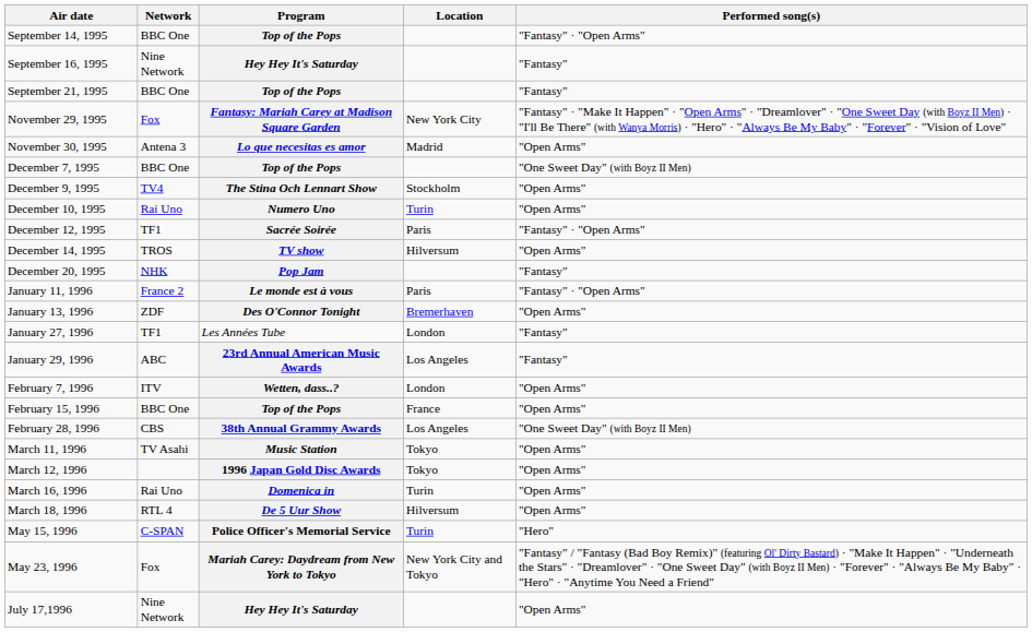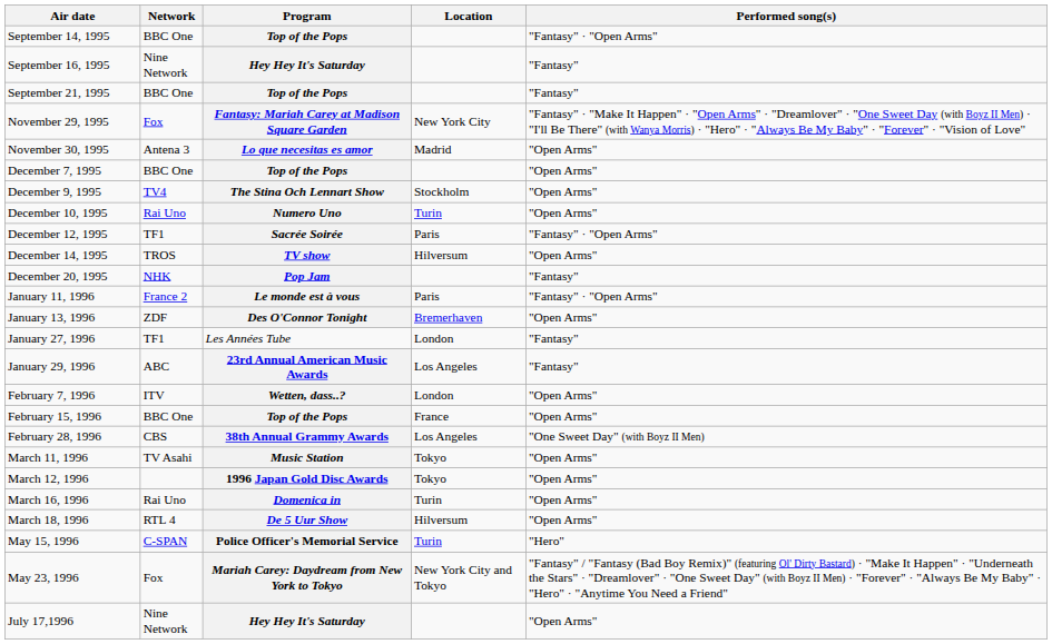 <table class="wikitable sortable plainrowheaders" style="font-size:95%;">
 <tr>
 <th style="width:13%;">Air date</th>
 <th style="width:6%;">Network</th>
 <th style="width:20%;">Program</th>
 <th style="width:11%;">Location</th>
 <th style="width:51%;">Performed song(s)</th>
 </tr>
 <tr>
 <td>September 14, 1995</td>
 <td>BBC One</td>
 <th scope="row"><em>Top of the Pops</em></th>
 <td></td>
 <td>"Fantasy" · "Open Arms"</td>
 </tr>
 <tr>
 <td>September 16, 1995</td>
 <td>Nine Network</td>
 <th scope="row"><em>Hey Hey It's Saturday</em></th>
 <td></td>
 <td>"Fantasy"</td>
 </tr>
 <tr>
 <td>September 21, 1995</td>
 <td>BBC One</td>
 <th scope="row"><em>Top of the Pops</em></th>
 <td></td>
 <td>"Fantasy"</td>
 </tr>
 <tr>
 <td>November 29, 1995</td>
 <td><a href='#'>Fox</a></td>
 <th scope="row"><em><a href='#'>Fantasy: Mariah Carey at Madison Square Garden</a></em></th>
 <td>New York City</td>
 <td>"Fantasy" · "Make It Happen" · "<a href='#'>Open Arms</a>" · "Dreamlover" · "<a href='#'>One Sweet Day</a> <small>(with <a href='#'>Boyz II Men</a>)</small> · "I'll Be There" <small>(with <a href='#'>Wanya Morris</a>)</small> · "Hero" · "<a href='#'>Always Be My Baby</a>" · "<a href='#'>Forever</a>" · "Vision of Love"</td>
 </tr>
 <tr>
 <td>November 30, 1995</td>
 <td>Antena 3</td>
 <th scope="row"><em><a href='#'>Lo que necesitas es amor</a></em></th>
 <td>Madrid</td>
 <td>"Open Arms"</td>
 </tr>
 <tr>
 <td>December 7, 1995</td>
 <td>BBC One</td>
 <th scope="row"><em>Top of the Pops</em></th>
 <td></td>
-<td>"One Sweet Day" <small>(with Boyz II Men)</small></td>
+<td>"Open Arms"</td>
 </tr>
 <tr>
 <td>December 9, 1995</td>
 <td><a href='#'>TV4</a></td>
 <th scope="row"><em>The Stina Och Lennart Show</em></th>
 <td>Stockholm</td>
 <td>"Open Arms"</td>
 </tr>
 <tr>
 <td>December 10, 1995</td>
 <td><a href='#'>Rai Uno</a></td>
 <th scope="row"><em>Numero Uno</em></th>
 <td><a href='#'>Turin</a></td>
 <td>"Open Arms"</td>
 </tr>
 <tr>
 <td>December 12, 1995</td>
 <td>TF1</td>
 <th scope="row"><em>Sacrée Soirée</em></th>
 <td>Paris</td>
 <td>"Fantasy" · "Open Arms"</td>
 </tr>
 <tr>
 <td>December 14, 1995</td>
 <td>TROS</td>
 <th scope="row"><em><a href='#'>TV show</a></em></th>
 <td>Hilversum</td>
 <td>"Open Arms"</td>
 </tr>
 <tr>
 <td>December 20, 1995</td>
 <td><a href='#'>NHK</a></td>
 <th scope="row"><em><a href='#'>Pop Jam</a></em></th>
 <td></td>
 <td>"Fantasy"</td>
 </tr>
 <tr>
 <td>January 11, 1996</td>
 <td><a href='#'>France 2</a></td>
 <th scope="row"><em>Le monde est à vous</em></th>
 <td>Paris</td>
 <td>"Fantasy" · "Open Arms"</td>
 </tr>
 <tr>
 <td>January 13, 1996</td>
 <td>ZDF</td>
 <th scope="row"><em>Des O'Connor Tonight</em></th>
 <td><a href='#'>Bremerhaven</a></td>
 <td>"Open Arms"</td>
 </tr>
 <tr>
 <td>January 27, 1996</td>
 <td>TF1</td>
 <td><em>Les Années Tube</em></td>
 <td>London</td>
 <td>"Fantasy"</td>
 </tr>
 <tr>
 <td>January 29, 1996</td>
 <td>ABC</td>
 <th scope="row"><a href='#'>23rd Annual American Music Awards</a></th>
 <td>Los Angeles</td>
 <td>"Fantasy"</td>
 </tr>
 <tr>
 <td>February 7, 1996</td>
 <td>ITV</td>
 <th scope="row"><em>Wetten, dass..?</em></th>
 <td>London</td>
 <td>"Open Arms"</td>
 </tr>
 <tr>
 <td>February 15, 1996</td>
 <td>BBC One</td>
 <th scope="row"><em>Top of the Pops</em></th>
 <td>France</td>
 <td>"Open Arms"</td>
 </tr>
 <tr>
 <td>February 28, 1996</td>
 <td>CBS</td>
 <th scope="row"><a href='#'>38th Annual Grammy Awards</a></th>
 <td>Los Angeles</td>
 <td>"One Sweet Day" <small>(with Boyz II Men)</small></td>
 </tr>
 <tr>
 <td>March 11, 1996</td>
 <td>TV Asahi</td>
 <th scope="row"><em>Music Station</em></th>
 <td>Tokyo</td>
 <td>"Open Arms"</td>
 </tr>
 <tr>
 <td>March 12, 1996</td>
 <td></td>
 <th scope="row">1996 <a href='#'>Japan Gold Disc Awards</a></th>
 <td>Tokyo</td>
 <td>"Open Arms"</td>
 </tr>
 <tr>
 <td>March 16, 1996</td>
 <td>Rai Uno</td>
 <th scope="row"><em><a href='#'>Domenica in</a></em></th>
 <td>Turin</td>
 <td>"Open Arms"</td>
 </tr>
 <tr>
 <td>March 18, 1996</td>
 <td>RTL 4</td>
 <th scope="row"><em><a href='#'>De 5 Uur Show</a></em></th>
 <td>Hilversum</td>
 <td>"Open Arms"</td>
 </tr>
 <tr>
 <td>May 15, 1996</td>
 <td><a href='#'>C-SPAN</a></td>
 <th scope="row">Police Officer's Memorial Service</th>
 <td><a href='#'>Turin</a></td>
 <td>"Hero"</td>
 </tr>
 <tr>
 <td>May 23, 1996</td>
 <td>Fox</td>
 <th scope="row"><em>Mariah Carey: Daydream from New York to Tokyo</em></th>
 <td>New York City and Tokyo</td>
 <td>"Fantasy" / "Fantasy (Bad Boy Remix)" <small>(featuring <a href='#'>Ol' Dirty Bastard</a>)</small> · "Make It Happen" · "Underneath the Stars" · "Dreamlover" · "One Sweet Day" <small>(with Boyz II Men)</small> · "Forever" · "Always Be My Baby" · "Hero" · "Anytime You Need a Friend"</td>
 </tr>
 <tr>
 <td>July 17,1996</td>
 <td>Nine Network</td>
 <th scope="row"><em>Hey Hey It's Saturday</em></th>
 <td></td>
 <td>"Open Arms"</td>
 </tr>
 </table>
